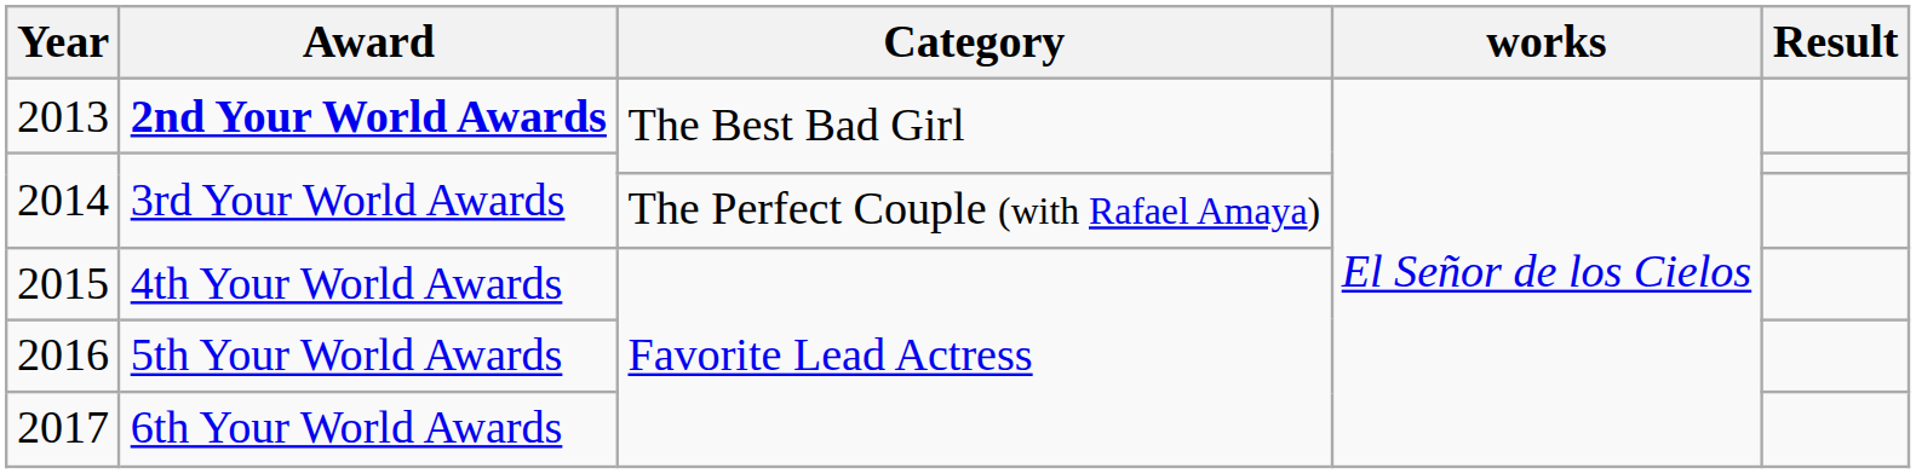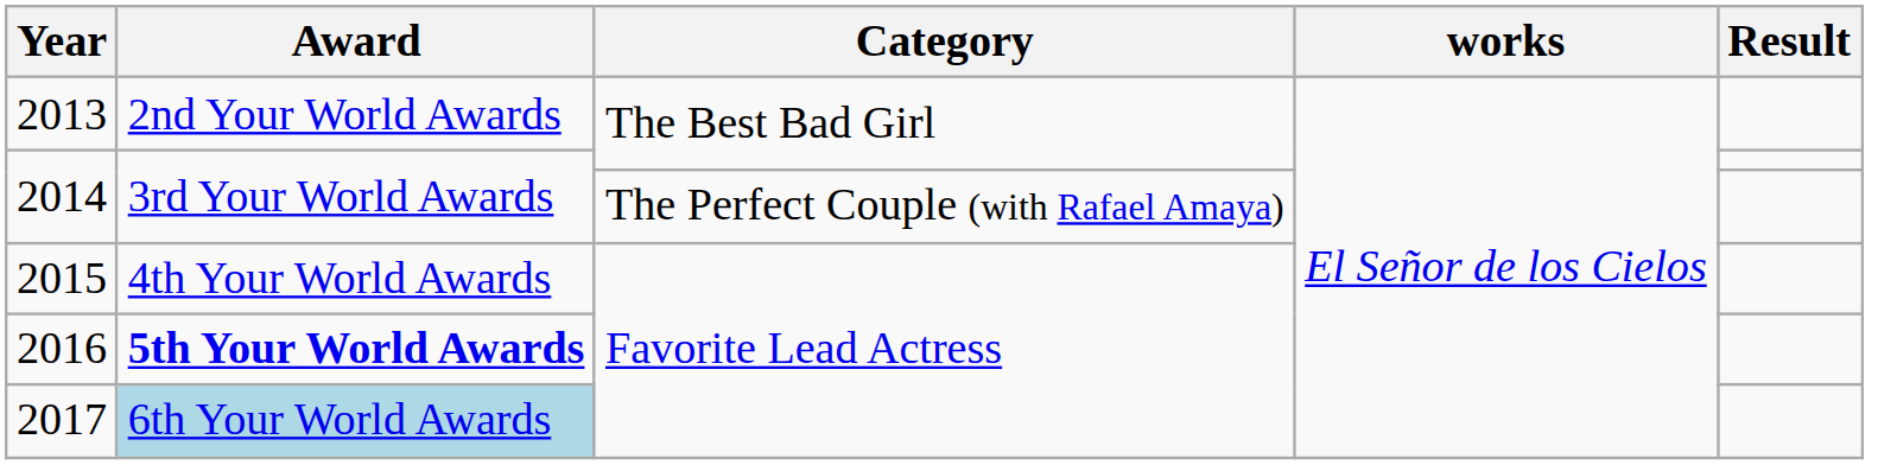 <table class="wikitable plainrowheaders">
 <tr>
 <th scope="col">Year</th>
 <th scope="col">Award</th>
 <th scope="col">Category</th>
 <th scope="col">works</th>
 <th scope="col">Result</th>
 </tr>
 <tr>
 <td rowspan="1">2013</td>
-<td rowspan="1"><strong><a href='#'>2nd Your World Awards</a></strong></td>
+<td rowspan="1"><a href='#'>2nd Your World Awards</a></td>
 <td rowspan="2">The Best Bad Girl</td>
 <td rowspan="6"><em><a href='#'>El Señor de los Cielos</a></em></td>
 <td></td>
 </tr>
 <tr>
 <td rowspan="2">2014</td>
 <td rowspan="2"><a href='#'>3rd Your World Awards</a></td>
 <td></td>
 </tr>
 <tr>
 <td>The Perfect Couple <small>(with <a href='#'>Rafael Amaya</a>)</small></td>
 <td></td>
 </tr>
 <tr>
 <td rowspan="1">2015</td>
 <td rowspan="1"><a href='#'>4th Your World Awards</a></td>
 <td rowspan="3"><a href='#'>Favorite Lead Actress</a></td>
 <td></td>
 </tr>
 <tr>
 <td rowspan="1">2016</td>
-<td rowspan="1"><a href='#'>5th Your World Awards</a></td>
+<td rowspan="1"><strong><a href='#'>5th Your World Awards</a></strong></td>
 <td></td>
 </tr>
 <tr>
 <td rowspan="1">2017</td>
-<td rowspan="1"><a href='#'>6th Your World Awards</a></td>
+<td rowspan="1" style="background: lightblue;"><a href='#'>6th Your World Awards</a></td>
 <td></td>
 </tr>
 </table>
